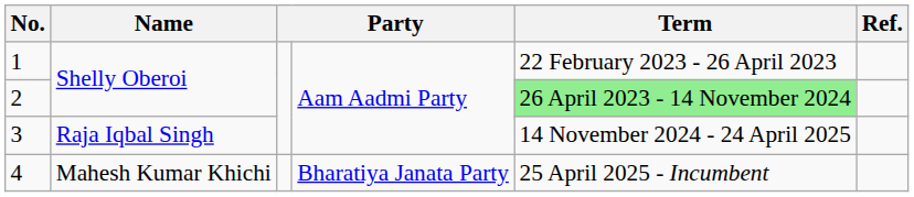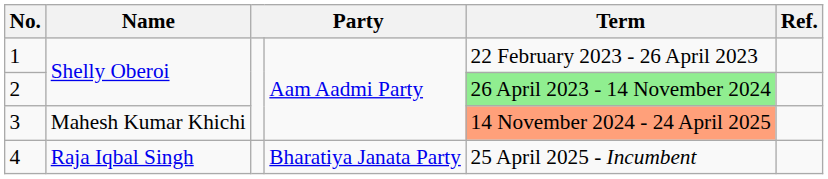 <table class="wikitable">
 <tr>
 <th>No.</th>
 <th>Name</th>
 <th colspan="2">Party</th>
 <th>Term</th>
 <th>Ref.</th>
 </tr>
 <tr>
 <td>1</td>
 <td rowspan="2"><a href='#'>Shelly Oberoi</a></td>
 <td rowspan="3" width="3" style="background-color: "></td>
 <td rowspan="3"><a href='#'>Aam Aadmi Party</a></td>
 <td>22 February 2023 - 26 April 2023</td>
 <td></td>
 </tr>
 <tr>
 <td>2</td>
 <td style="background: lightgreen;">26 April 2023 - 14 November 2024</td>
 <td></td>
 </tr>
 <tr>
 <td>3</td>
-<td><a href='#'>Raja Iqbal Singh</a></td>
-<td>14 November 2024 - 24 April 2025</td>
+<td>Mahesh Kumar Khichi</td>
+<td style="background: lightsalmon;">14 November 2024 - 24 April 2025</td>
 <td></td>
 </tr>
 <tr>
 <td>4</td>
-<td>Mahesh Kumar Khichi</td>
+<td><a href='#'>Raja Iqbal Singh</a></td>
 <td rowspan="3" width="3" style="background-color: "></td>
 <td><a href='#'>Bharatiya Janata Party</a></td>
 <td>25 April 2025 - <em>Incumbent</em></td>
 <td></td>
 </tr>
 </table>
